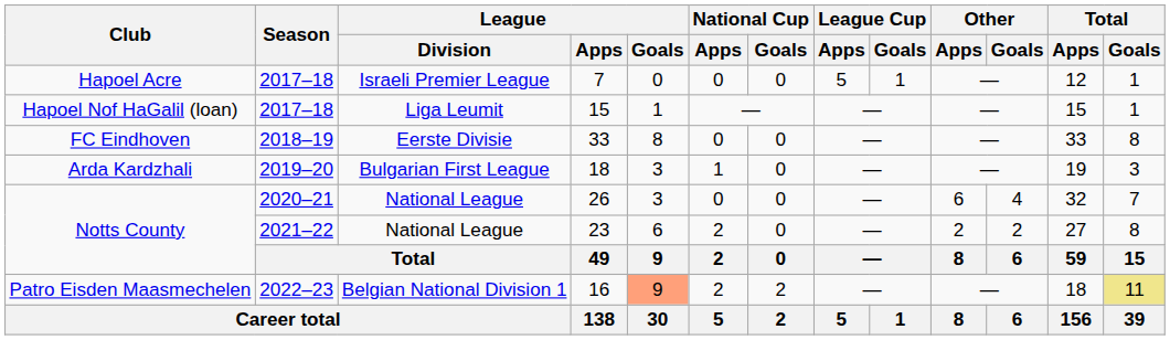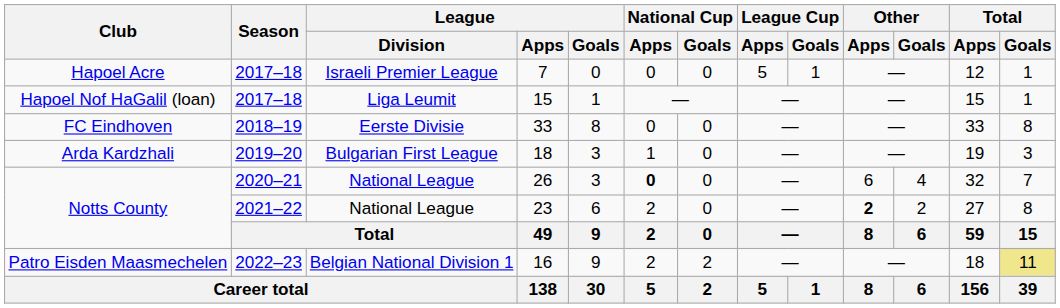 <table class=wikitable style="text-align: center">
 <tr>
 <th rowspan=2>Club</th>
 <th rowspan=2>Season</th>
 <th colspan=3>League</th>
 <th colspan=2>National Cup</th>
 <th colspan=2>League Cup</th>
 <th colspan=2>Other</th>
 <th colspan=2>Total</th>
 </tr>
 <tr>
 <th>Division</th>
 <th>Apps</th>
 <th>Goals</th>
 <th>Apps</th>
 <th>Goals</th>
 <th>Apps</th>
 <th>Goals</th>
 <th>Apps</th>
 <th>Goals</th>
 <th>Apps</th>
 <th>Goals</th>
 </tr>
 <tr>
 <td><a href='#'>Hapoel Acre</a></td>
 <td><a href='#'>2017–18</a></td>
 <td><a href='#'>Israeli Premier League</a></td>
 <td>7</td>
 <td>0</td>
 <td>0</td>
 <td>0</td>
 <td>5</td>
 <td>1</td>
 <td colspan=2>—</td>
 <td>12</td>
 <td>1</td>
 </tr>
 <tr>
 <td><a href='#'>Hapoel Nof HaGalil</a> (loan)</td>
 <td><a href='#'>2017–18</a></td>
 <td><a href='#'>Liga Leumit</a></td>
 <td>15</td>
 <td>1</td>
 <td colspan=2>—</td>
 <td colspan=2>—</td>
 <td colspan=2>—</td>
 <td>15</td>
 <td>1</td>
 </tr>
 <tr>
 <td><a href='#'>FC Eindhoven</a></td>
 <td><a href='#'>2018–19</a></td>
 <td><a href='#'>Eerste Divisie</a></td>
 <td>33</td>
 <td>8</td>
 <td>0</td>
 <td>0</td>
 <td colspan=2>—</td>
 <td colspan=2>—</td>
 <td>33</td>
 <td>8</td>
 </tr>
 <tr>
 <td><a href='#'>Arda Kardzhali</a></td>
 <td><a href='#'>2019–20</a></td>
 <td><a href='#'>Bulgarian First League</a></td>
 <td>18</td>
 <td>3</td>
 <td>1</td>
 <td>0</td>
 <td colspan=2>—</td>
 <td colspan=2>—</td>
 <td>19</td>
 <td>3</td>
 </tr>
 <tr>
 <td rowspan=3><a href='#'>Notts County</a></td>
 <td><a href='#'>2020–21</a></td>
 <td><a href='#'>National League</a></td>
 <td>26</td>
 <td>3</td>
-<td>0</td>
+<td><strong>0</strong></td>
 <td>0</td>
 <td colspan=2>—</td>
 <td>6</td>
 <td>4</td>
 <td>32</td>
 <td>7</td>
 </tr>
 <tr>
 <td><a href='#'>2021–22</a></td>
 <td>National League</td>
 <td>23</td>
 <td>6</td>
 <td>2</td>
 <td>0</td>
 <td colspan=2>—</td>
-<td>2</td>
+<td><strong>2</strong></td>
 <td>2</td>
 <td>27</td>
 <td>8</td>
 </tr>
 <tr>
 <th colspan=2>Total</th>
 <th>49</th>
 <th>9</th>
 <th>2</th>
 <th>0</th>
 <th colspan=2>—</th>
 <th>8</th>
 <th>6</th>
 <th>59</th>
 <th>15</th>
 </tr>
 <tr>
 <td><a href='#'>Patro Eisden Maasmechelen</a></td>
 <td><a href='#'>2022–23</a></td>
 <td><a href='#'>Belgian National Division 1</a></td>
 <td>16</td>
-<td style="background: lightsalmon;">9</td>
+<td>9</td>
 <td>2</td>
 <td>2</td>
 <td colspan=2>—</td>
 <td colspan=2>—</td>
 <td>18</td>
 <td style="background: khaki;">11</td>
 </tr>
 <tr>
 <th colspan=3>Career total</th>
 <th>138</th>
 <th>30</th>
 <th>5</th>
 <th>2</th>
 <th>5</th>
 <th>1</th>
 <th>8</th>
 <th>6</th>
 <th>156</th>
 <th>39</th>
 </tr>
 </table>
